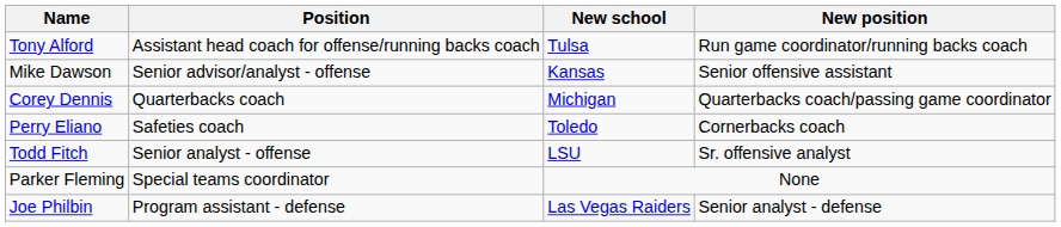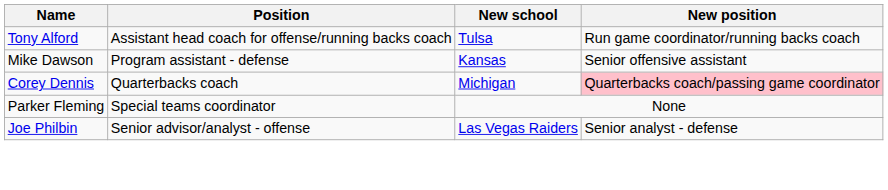 <table class="wikitable">
 <tr>
 <th style="text-align:center;">Name</th>
 <th style="text-align:center;">Position</th>
 <th style="text-align:center;">New school</th>
 <th style="text-align:center;">New position</th>
 </tr>
 <tr>
 <td><a href='#'>Tony Alford</a></td>
 <td>Assistant head coach for offense/running backs coach</td>
 <td><a href='#'>Tulsa</a></td>
 <td>Run game coordinator/running backs coach</td>
 </tr>
 <tr>
 <td>Mike Dawson</td>
-<td>Senior advisor/analyst - offense</td>
+<td>Program assistant - defense</td>
 <td><a href='#'>Kansas</a></td>
 <td>Senior offensive assistant</td>
 </tr>
 <tr>
 <td><a href='#'>Corey Dennis</a></td>
 <td>Quarterbacks coach</td>
 <td><a href='#'>Michigan</a></td>
-<td>Quarterbacks coach/passing game coordinator</td>
-</tr>
-<tr>
-<td><a href='#'>Perry Eliano</a></td>
-<td>Safeties coach</td>
-<td><a href='#'>Toledo</a></td>
-<td>Cornerbacks coach</td>
-</tr>
-<tr>
-<td><a href='#'>Todd Fitch</a></td>
-<td>Senior analyst - offense</td>
-<td><a href='#'>LSU</a></td>
-<td>Sr. offensive analyst</td>
+<td style="background: pink;">Quarterbacks coach/passing game coordinator</td>
 </tr>
 <tr>
 <td>Parker Fleming</td>
 <td>Special teams coordinator</td>
 <td colspan=2 style="text-align:center">None</td>
 </tr>
 <tr>
 <td><a href='#'>Joe Philbin</a></td>
-<td>Program assistant - defense</td>
+<td>Senior advisor/analyst - offense</td>
 <td><a href='#'>Las Vegas Raiders</a></td>
 <td>Senior analyst - defense</td>
 </tr>
 </table>
